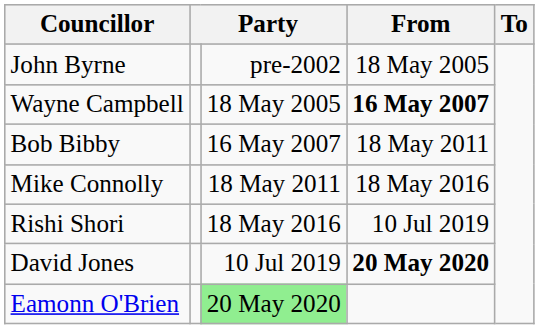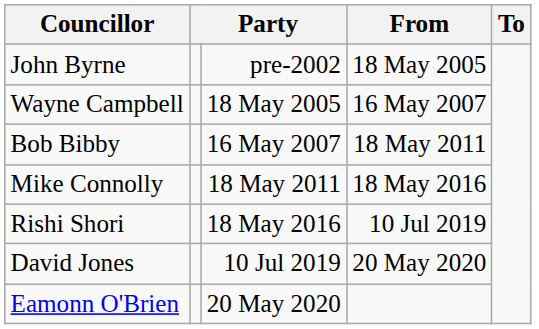 <table class=wikitable>
 <tr>
 <th>Councillor</th>
 <th colspan=2>Party</th>
 <th>From</th>
 <th>To</th>
 </tr>
 <tr>
 <td>John Byrne</td>
 <td></td>
 <td align=right>pre-2002</td>
 <td align=right>18 May 2005</td>
 </tr>
 <tr>
 <td>Wayne Campbell</td>
 <td></td>
 <td align=right>18 May 2005</td>
-<td align=right><strong>16 May 2007</strong></td>
+<td align=right>16 May 2007</td>
 </tr>
 <tr>
 <td>Bob Bibby</td>
 <td></td>
 <td align=right>16 May 2007</td>
 <td align=right>18 May 2011</td>
 </tr>
 <tr>
 <td>Mike Connolly</td>
 <td></td>
 <td align=right>18 May 2011</td>
 <td align=right>18 May 2016</td>
 </tr>
 <tr>
 <td>Rishi Shori</td>
 <td></td>
 <td align=right>18 May 2016</td>
 <td align=right>10 Jul 2019</td>
 </tr>
 <tr>
 <td>David Jones</td>
 <td></td>
 <td align=right>10 Jul 2019</td>
-<td align=right><strong>20 May 2020</strong></td>
+<td align=right>20 May 2020</td>
 </tr>
 <tr>
 <td><a href='#'>Eamonn O'Brien</a></td>
 <td></td>
-<td align=right style="background: lightgreen;">20 May 2020</td>
+<td align=right>20 May 2020</td>
 <td align=right></td>
 </tr>
 </table>
